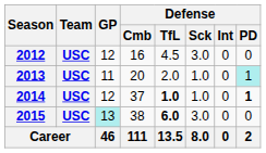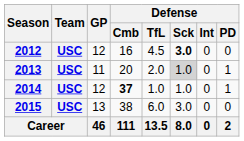 <table class="wikitable" style="text-align:center;">
 <tr>
 <th rowspan="2">Season</th>
 <th rowspan="2">Team</th>
 <th rowspan="2">GP</th>
 <th colspan="5">Defense</th>
 </tr>
 <tr>
 <th>Cmb</th>
 <th>TfL</th>
 <th>Sck</th>
 <th>Int</th>
 <th>PD</th>
 </tr>
 <tr>
 <th><a href='#'>2012</a></th>
 <th><a href='#'>USC</a></th>
 <td>12</td>
 <td>16</td>
 <td>4.5</td>
-<td>3.0</td>
+<td><strong>3.0</strong></td>
 <td>0</td>
 <td>0</td>
 </tr>
 <tr>
 <th><a href='#'>2013</a></th>
 <th><a href='#'>USC</a></th>
 <td>11</td>
 <td>20</td>
 <td>2.0</td>
-<td>1.0</td>
+<td style="background: lightgrey;">1.0</td>
 <td>0</td>
-<td style="background: paleturquoise;">1</td>
+<td>1</td>
 </tr>
 <tr>
 <th><a href='#'>2014</a></th>
 <th><a href='#'>USC</a></th>
 <td>12</td>
-<td>37</td>
-<td><strong>1.0</strong></td>
+<td><strong>37</strong></td>
+<td>1.0</td>
 <td>1.0</td>
 <td>0</td>
-<td><strong>1</strong></td>
+<td>1</td>
 </tr>
 <tr>
 <th><a href='#'>2015</a></th>
 <th><a href='#'>USC</a></th>
-<td style="background: paleturquoise;">13</td>
+<td>13</td>
 <td>38</td>
-<td><strong>6.0</strong></td>
+<td>6.0</td>
 <td>3.0</td>
 <td>0</td>
 <td>0</td>
 </tr>
 <tr>
 <th colspan="2">Career</th>
 <th>46</th>
 <th>111</th>
 <th>13.5</th>
 <th>8.0</th>
 <th>0</th>
 <th>2</th>
 </tr>
 </table>
